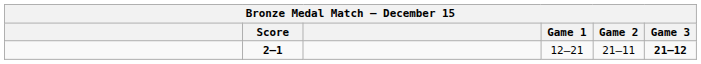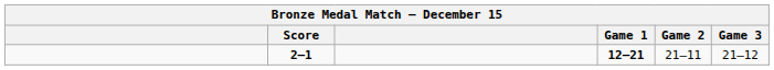 <table class="wikitable" style="text-align: center; font-size:90% ">
 <tr>
 <th colspan=6>Bronze Medal Match – December 15</th>
 </tr>
 <tr>
 <th align="right" width="250"></th>
 <th width="60">Score</th>
 <th align="left" width="250"></th>
 <th width="50">Game 1</th>
 <th width="50">Game 2</th>
 <th width="50">Game 3</th>
 </tr>
 <tr>
 <td align=left></td>
 <td align=center><strong>2–1</strong></td>
 <td align=left><strong></strong></td>
-<td>12–21</td>
+<td><strong>12–21</strong></td>
 <td>21–11</td>
-<td><strong>21–12</strong></td>
+<td>21–12</td>
 </tr>
 </table>
